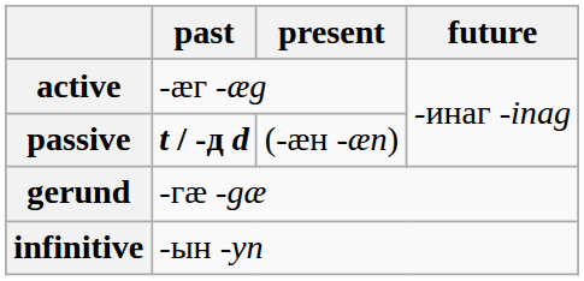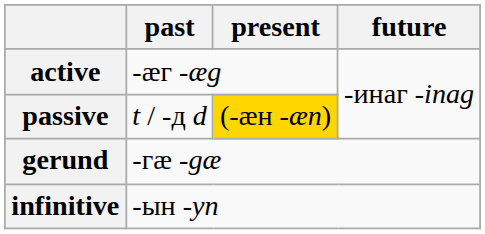 <table class="wikitable">
 <tr>
 <th></th>
 <th>past</th>
 <th>present</th>
 <th>future</th>
 </tr>
 <tr>
 <th>active</th>
 <td colspan="2">-ӕг <em>-ӕg</em></td>
 <td rowspan="2">-инаг -<em>inag</em></td>
 </tr>
 <tr>
 <th>passive</th>
-<td><strong><em>t</em> / -д <em>d</em></strong></td>
-<td>(-ӕн <em>-ӕn</em>)</td>
+<td><em>t</em> / -д <em>d</em></td>
+<td style="background: gold;">(-ӕн <em>-ӕn</em>)</td>
 </tr>
 <tr>
 <th>gerund</th>
 <td colspan="3">-гӕ <em>-gӕ</em></td>
 </tr>
 <tr>
 <th>infinitive</th>
 <td colspan="3">-ын <em>-yn</em></td>
 </tr>
 </table>
